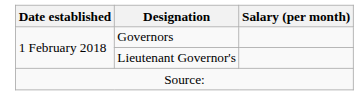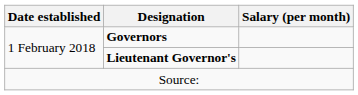 <table class="wikitable" style="float:right; margin:1ex 0 1ex 1ex;">
 <tr colspan="3" style="text-align:center;">
 <th>Date established</th>
 <th>Designation</th>
 <th>Salary (per month)</th>
 </tr>
 <tr>
 <td rowspan=2>1 February 2018</td>
-<td>Governors</td>
+<td><strong>Governors</strong></td>
 <td style="text-align:right;"></td>
 </tr>
 <tr>
-<td>Lieutenant Governor's</td>
+<td><strong>Lieutenant Governor's</strong></td>
 <td style="text-align:right;"></td>
 </tr>
 <tr>
 <td colspan="3" style="text-align:center;">Source:</td>
 </tr>
 </table>
